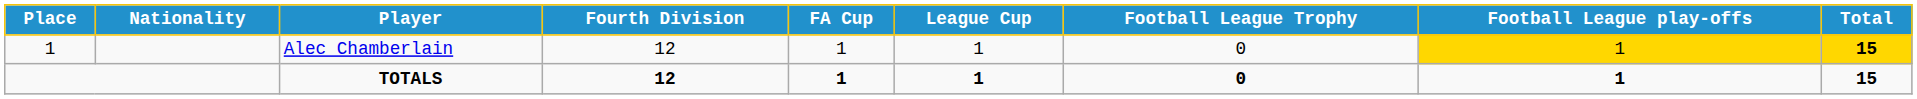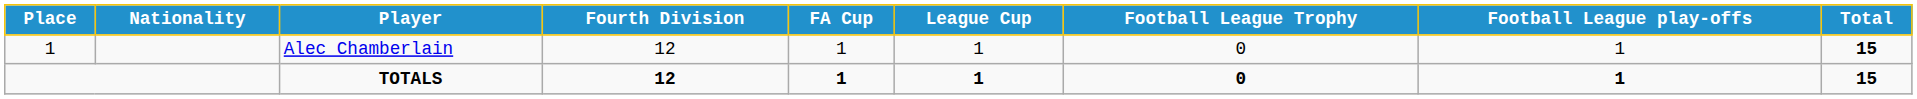 <table class="wikitable" style="text-align:center; font-size:90%; width:100%;">
 <tr>
 <th style="background:#2191CC; color:white; border:1px solid #F7C408; text-align:center;">Place</th>
 <th style="background:#2191CC; color:white; border:1px solid #F7C408; text-align:center;">Nationality</th>
 <th style="background:#2191CC; color:white; border:1px solid #F7C408; text-align:center;">Player</th>
 <th style="background:#2191CC; color:white; border:1px solid #F7C408; text-align:center;">Fourth Division</th>
 <th style="background:#2191CC; color:white; border:1px solid #F7C408; text-align:center;">FA Cup</th>
 <th style="background:#2191CC; color:white; border:1px solid #F7C408; text-align:center;">League Cup</th>
 <th style="background:#2191CC; color:white; border:1px solid #F7C408; text-align:center;">Football League Trophy</th>
 <th style="background:#2191CC; color:white; border:1px solid #F7C408; text-align:center;">Football League play-offs</th>
 <th style="background:#2191CC; color:white; border:1px solid #F7C408; text-align:center;">Total</th>
 </tr>
 <tr>
 <td>1</td>
 <td></td>
 <td align="left"><a href='#'>Alec Chamberlain</a></td>
 <td>12</td>
 <td>1</td>
 <td>1</td>
 <td>0</td>
-<td style="background: gold;">1</td>
-<td style="background: gold;"><strong>15</strong></td>
+<td>1</td>
+<td><strong>15</strong></td>
 </tr>
 <tr>
 <td colspan="2"></td>
 <td><strong>TOTALS</strong></td>
 <td><strong>12</strong></td>
 <td><strong>1</strong></td>
 <td><strong>1</strong></td>
 <td><strong>0</strong></td>
 <td><strong>1</strong></td>
 <td><strong>15</strong></td>
 </tr>
 </table>
